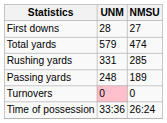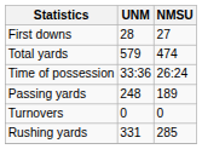 <table class="wikitable" style="float: left;">
 <tr>
 <th>Statistics</th>
 <th>UNM</th>
 <th>NMSU</th>
 </tr>
 <tr>
 <td>First downs</td>
 <td>28</td>
 <td>27</td>
 </tr>
 <tr>
 <td>Total yards</td>
 <td>579</td>
 <td>474</td>
 </tr>
 <tr>
-<td>Rushing yards</td>
-<td>331</td>
-<td>285</td>
+<td>Time of possession</td>
+<td>33:36</td>
+<td>26:24</td>
 </tr>
 <tr>
 <td>Passing yards</td>
 <td>248</td>
 <td>189</td>
 </tr>
 <tr>
 <td>Turnovers</td>
-<td style="background: pink;">0</td>
+<td>0</td>
 <td>0</td>
 </tr>
 <tr>
-<td>Time of possession</td>
-<td>33:36</td>
-<td>26:24</td>
+<td>Rushing yards</td>
+<td>331</td>
+<td>285</td>
 </tr>
 <tr>
 </tr>
 </table>
